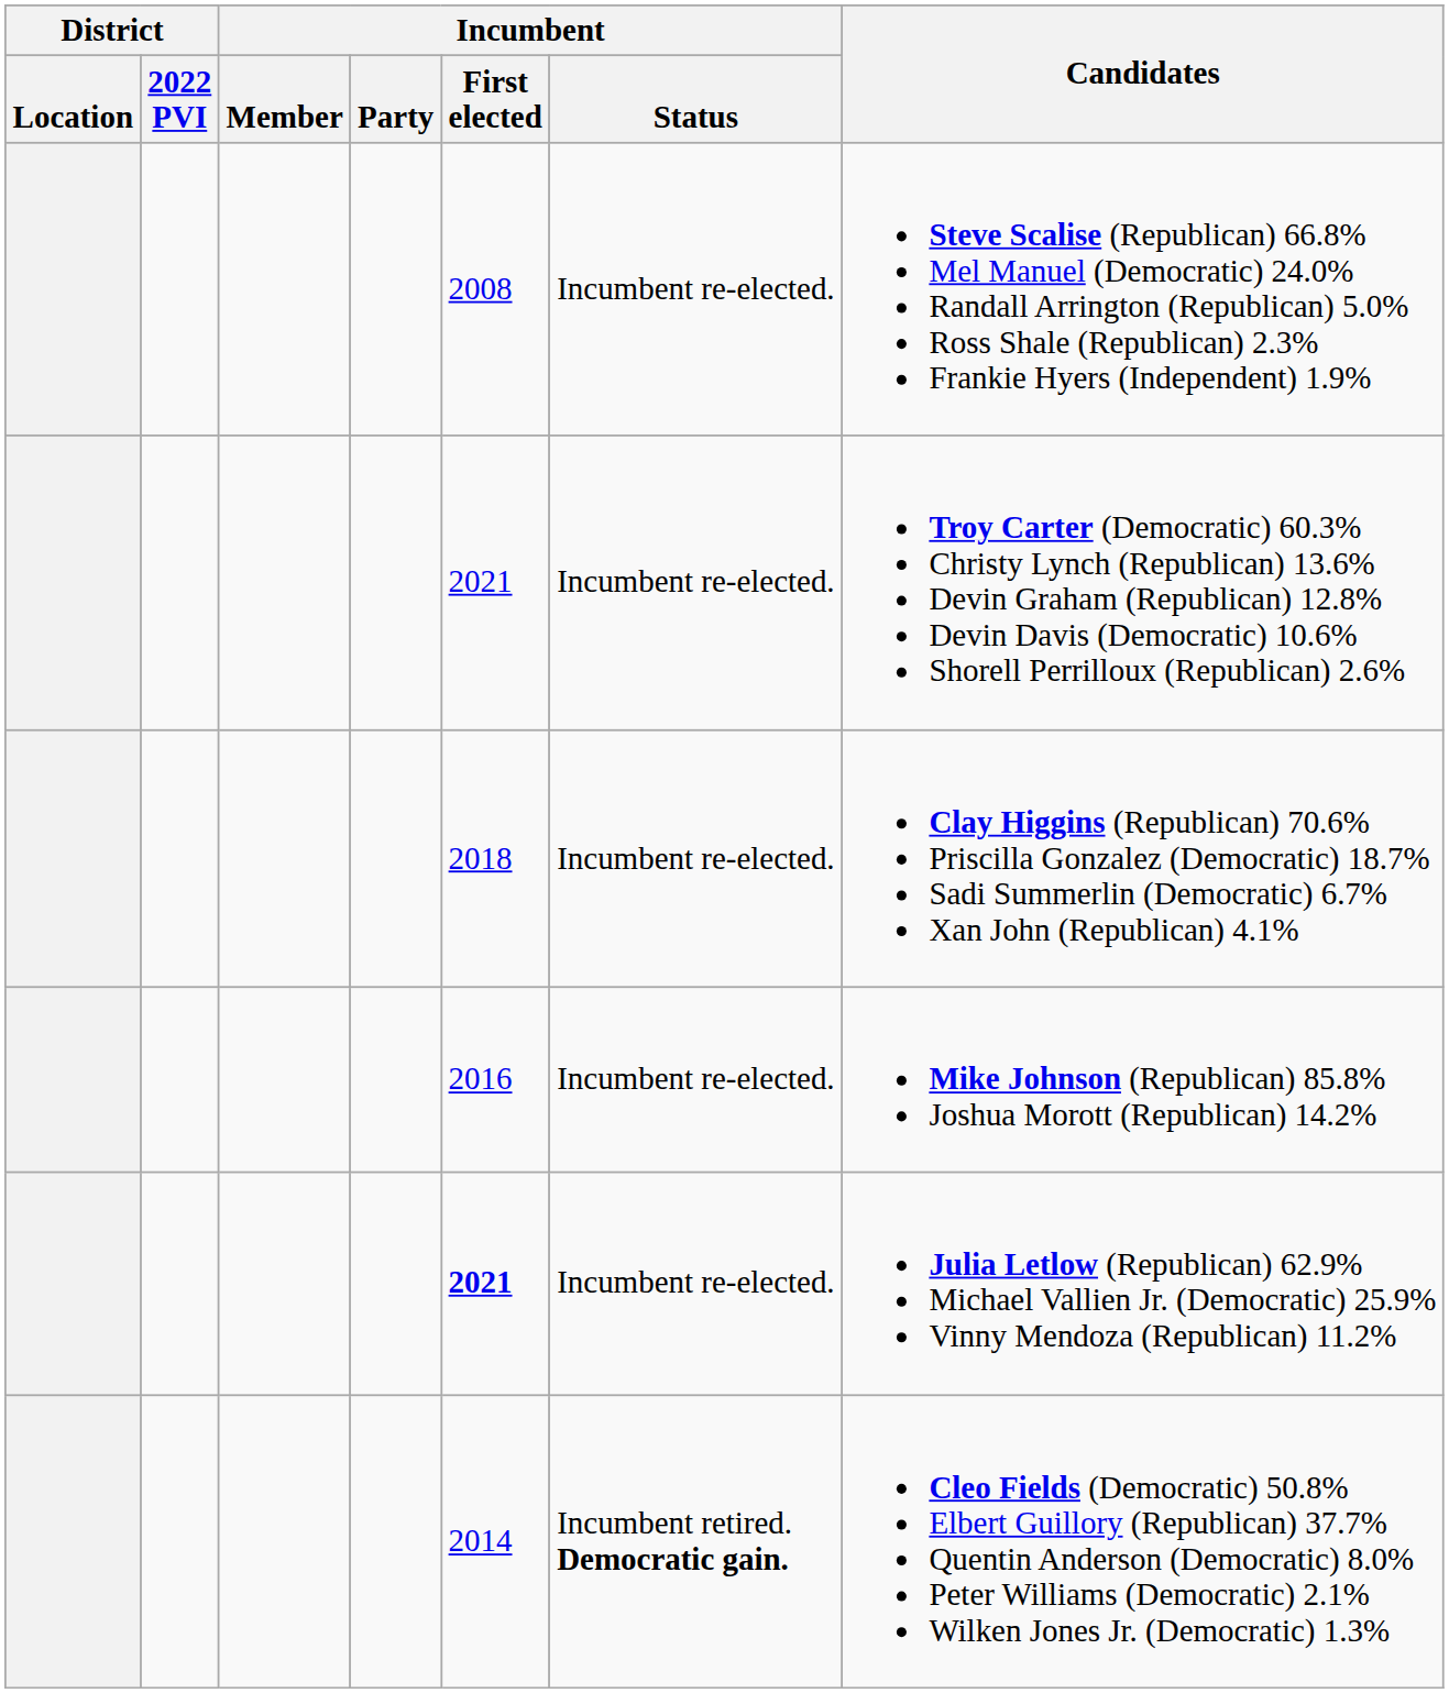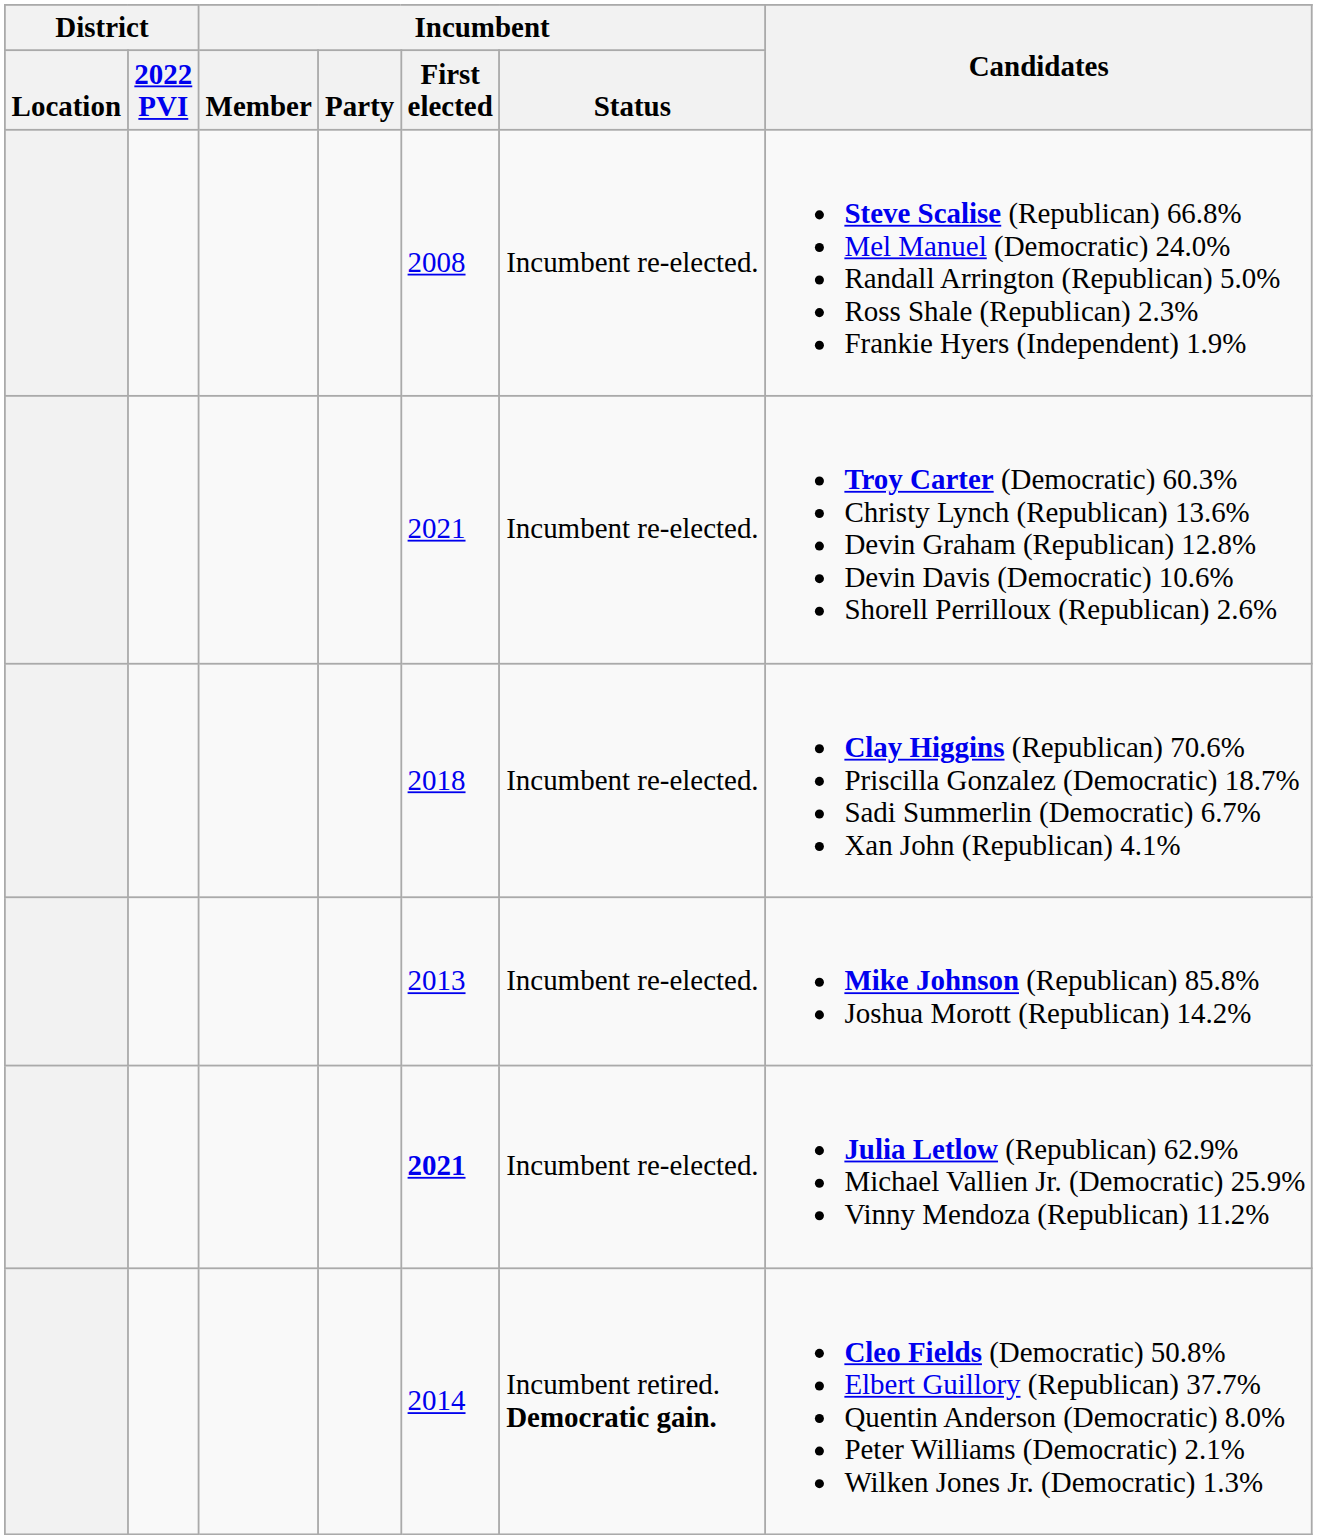 <table class="wikitable sortable">
 <tr>
 <th colspan=2>District</th>
 <th colspan=4>Incumbent</th>
 <th rowspan=2 class="unsortable">Candidates</th>
 </tr>
 <tr valign=bottom>
 <th>Location</th>
 <th><a href='#'>2022<br>PVI</a></th>
 <th>Member</th>
 <th>Party</th>
 <th>First<br>elected</th>
 <th>Status</th>
 </tr>
 <tr>
 <th></th>
 <td></td>
 <td></td>
 <td></td>
 <td><a href='#'>2008 </a></td>
 <td>Incumbent re-elected.</td>
 <td nowrap><br><ul><li> <strong><a href='#'>Steve Scalise</a></strong> (Republican) 66.8%</li><li><a href='#'>Mel Manuel</a> (Democratic) 24.0%</li><li>Randall Arrington (Republican) 5.0%</li><li>Ross Shale (Republican) 2.3%</li><li>Frankie Hyers (Independent) 1.9%</li></ul></td>
 </tr>
 <tr>
 <th></th>
 <td></td>
 <td></td>
 <td></td>
 <td><a href='#'>2021 </a></td>
 <td>Incumbent re-elected.</td>
 <td nowrap><br><ul><li> <strong><a href='#'>Troy Carter</a></strong> (Democratic) 60.3%</li><li>Christy Lynch (Republican) 13.6%</li><li>Devin Graham (Republican) 12.8%</li><li>Devin Davis (Democratic) 10.6%</li><li>Shorell Perrilloux (Republican) 2.6%</li></ul></td>
 </tr>
 <tr>
 <th></th>
 <td></td>
 <td></td>
 <td></td>
 <td><a href='#'>2018</a></td>
 <td>Incumbent re-elected.</td>
 <td nowrap><br><ul><li> <strong><a href='#'>Clay Higgins</a></strong> (Republican) 70.6%</li><li>Priscilla Gonzalez (Democratic) 18.7%</li><li>Sadi Summerlin (Democratic) 6.7%</li><li>Xan John (Republican) 4.1%</li></ul></td>
 </tr>
 <tr>
 <th></th>
 <td></td>
 <td></td>
 <td></td>
-<td><a href='#'>2016</a></td>
+<td><a href='#'>2013</a></td>
 <td>Incumbent re-elected.</td>
 <td nowrap><br><ul><li> <strong><a href='#'>Mike Johnson</a></strong> (Republican) 85.8%</li><li>Joshua Morott (Republican) 14.2%</li></ul></td>
 </tr>
 <tr>
 <th></th>
 <td></td>
 <td></td>
 <td></td>
 <td><strong><a href='#'>2021 </a></strong></td>
 <td>Incumbent re-elected.</td>
 <td nowrap><br><ul><li> <strong><a href='#'>Julia Letlow</a></strong> (Republican) 62.9%</li><li>Michael Vallien Jr. (Democratic) 25.9%</li><li>Vinny Mendoza (Republican) 11.2%</li></ul></td>
 </tr>
 <tr>
 <th></th>
 <td></td>
 <td></td>
 <td></td>
 <td><a href='#'>2014</a></td>
 <td>Incumbent retired.<br><strong>Democratic gain.</strong></td>
 <td nowrap><br><ul><li> <strong><a href='#'>Cleo Fields</a></strong> (Democratic) 50.8%</li><li><a href='#'>Elbert Guillory</a> (Republican) 37.7%</li><li>Quentin Anderson (Democratic) 8.0%</li><li>Peter Williams (Democratic) 2.1%</li><li>Wilken Jones Jr. (Democratic) 1.3%</li></ul></td>
 </tr>
 </table>
